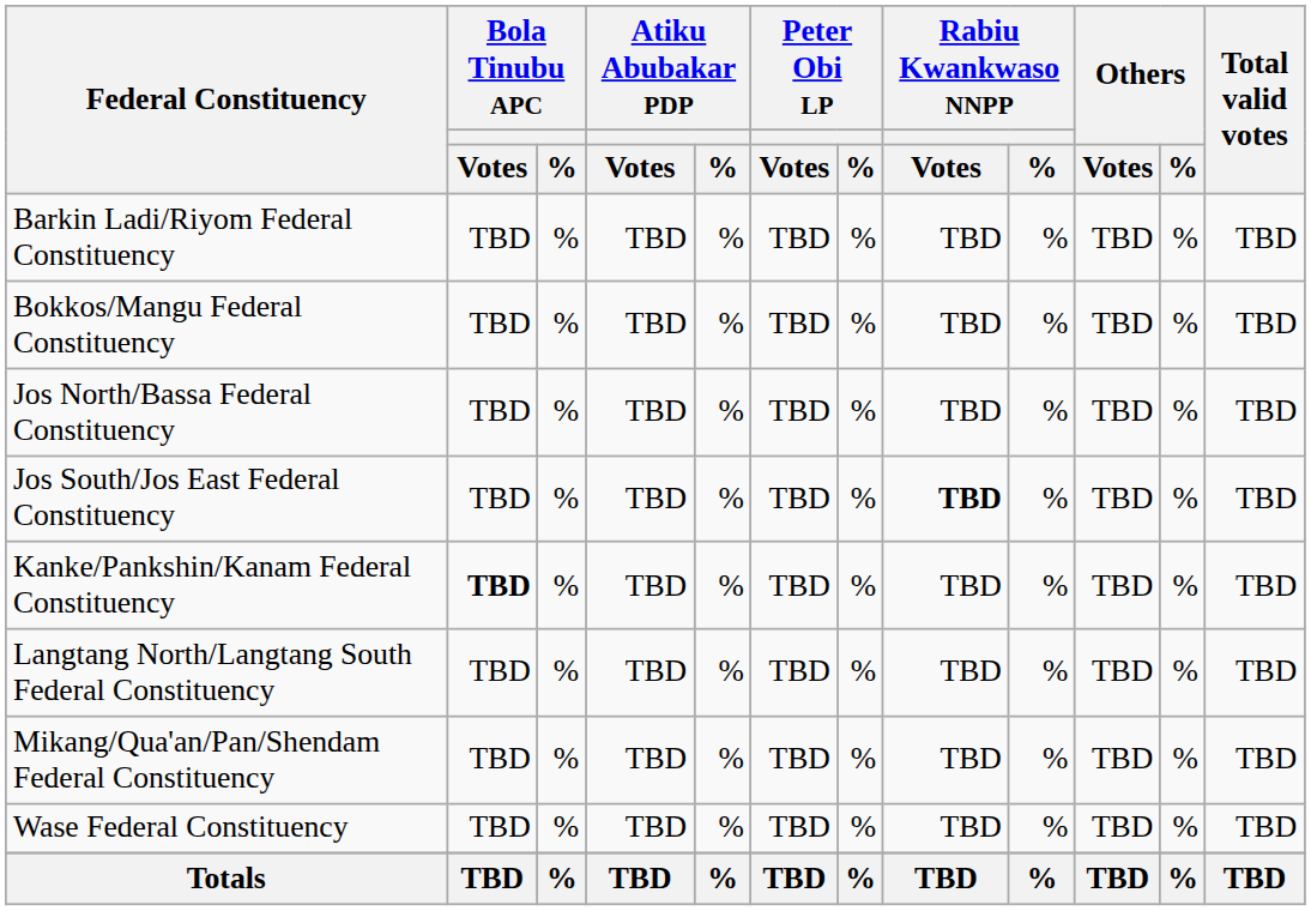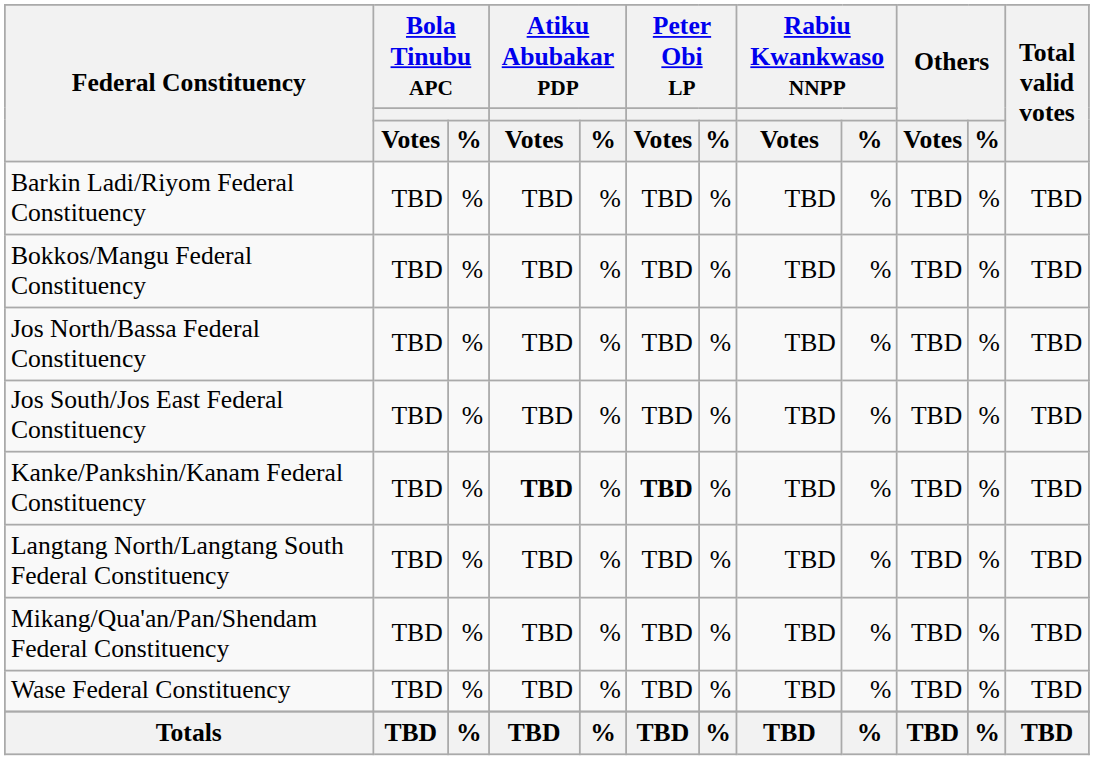 <table class="wikitable sortable" style="text-align:right; font-size:90%">
 <tr>
 <th rowspan="3" style="max-width:7.5em;">Federal Constituency</th>
 <th colspan="2"><a href='#'>Bola Tinubu</a><br><small>APC</small></th>
 <th colspan="2"><a href='#'>Atiku Abubakar</a><br><small>PDP</small></th>
 <th colspan="2"><a href='#'>Peter Obi</a><br><small>LP</small></th>
 <th colspan="2"><a href='#'>Rabiu Kwankwaso</a><br><small>NNPP</small></th>
 <th colspan="2" rowspan="2">Others</th>
 <th rowspan="3" style="max-width:5em;">Total valid votes</th>
 </tr>
 <tr>
 <th colspan=2 style="background-color:"></th>
 <th colspan=2 style="background-color:"></th>
 <th colspan=2 style="background-color:"></th>
 <th colspan=2 style="background-color:"></th>
 </tr>
 <tr>
 <th>Votes</th>
 <th>%</th>
 <th>Votes</th>
 <th>%</th>
 <th>Votes</th>
 <th>%</th>
 <th>Votes</th>
 <th>%</th>
 <th>Votes</th>
 <th>%</th>
 </tr>
 <tr style="background-color:#">
 <td style="text-align:left;">Barkin Ladi/Riyom Federal Constituency</td>
 <td>TBD</td>
 <td>%</td>
 <td>TBD</td>
 <td>%</td>
 <td>TBD</td>
 <td>%</td>
 <td>TBD</td>
 <td>%</td>
 <td>TBD</td>
 <td>%</td>
 <td>TBD</td>
 </tr>
 <tr style="background-color:#">
 <td style="text-align:left;">Bokkos/Mangu Federal Constituency</td>
 <td>TBD</td>
 <td>%</td>
 <td>TBD</td>
 <td>%</td>
 <td>TBD</td>
 <td>%</td>
 <td>TBD</td>
 <td>%</td>
 <td>TBD</td>
 <td>%</td>
 <td>TBD</td>
 </tr>
 <tr style="background-color:#">
 <td style="text-align:left;">Jos North/Bassa Federal Constituency</td>
 <td>TBD</td>
 <td>%</td>
 <td>TBD</td>
 <td>%</td>
 <td>TBD</td>
 <td>%</td>
 <td>TBD</td>
 <td>%</td>
 <td>TBD</td>
 <td>%</td>
 <td>TBD</td>
 </tr>
 <tr style="background-color:#">
 <td style="text-align:left;">Jos South/Jos East Federal Constituency</td>
 <td>TBD</td>
 <td>%</td>
 <td>TBD</td>
 <td>%</td>
 <td>TBD</td>
 <td>%</td>
-<td><strong>TBD</strong></td>
+<td>TBD</td>
 <td>%</td>
 <td>TBD</td>
 <td>%</td>
 <td>TBD</td>
 </tr>
 <tr style="background-color:#">
 <td style="text-align:left;">Kanke/Pankshin/Kanam Federal Constituency</td>
+<td>TBD</td>
+<td>%</td>
 <td><strong>TBD</strong></td>
 <td>%</td>
-<td>TBD</td>
-<td>%</td>
-<td>TBD</td>
+<td><strong>TBD</strong></td>
 <td>%</td>
 <td>TBD</td>
 <td>%</td>
 <td>TBD</td>
 <td>%</td>
 <td>TBD</td>
 </tr>
 <tr style="background-color:#">
 <td style="text-align:left;">Langtang North/Langtang South Federal Constituency</td>
 <td>TBD</td>
 <td>%</td>
 <td>TBD</td>
 <td>%</td>
 <td>TBD</td>
 <td>%</td>
 <td>TBD</td>
 <td>%</td>
 <td>TBD</td>
 <td>%</td>
 <td>TBD</td>
 </tr>
 <tr style="background-color:#">
 <td style="text-align:left;">Mikang/Qua'an/Pan/Shendam Federal Constituency</td>
 <td>TBD</td>
 <td>%</td>
 <td>TBD</td>
 <td>%</td>
 <td>TBD</td>
 <td>%</td>
 <td>TBD</td>
 <td>%</td>
 <td>TBD</td>
 <td>%</td>
 <td>TBD</td>
 </tr>
 <tr style="background-color:#">
 <td style="text-align:left;">Wase Federal Constituency</td>
 <td>TBD</td>
 <td>%</td>
 <td>TBD</td>
 <td>%</td>
 <td>TBD</td>
 <td>%</td>
 <td>TBD</td>
 <td>%</td>
 <td>TBD</td>
 <td>%</td>
 <td>TBD</td>
 </tr>
 <tr>
 </tr>
 <tr>
 <th>Totals</th>
 <th>TBD</th>
 <th>%</th>
 <th>TBD</th>
 <th>%</th>
 <th>TBD</th>
 <th>%</th>
 <th>TBD</th>
 <th>%</th>
 <th>TBD</th>
 <th>%</th>
 <th>TBD</th>
 </tr>
 </table>
